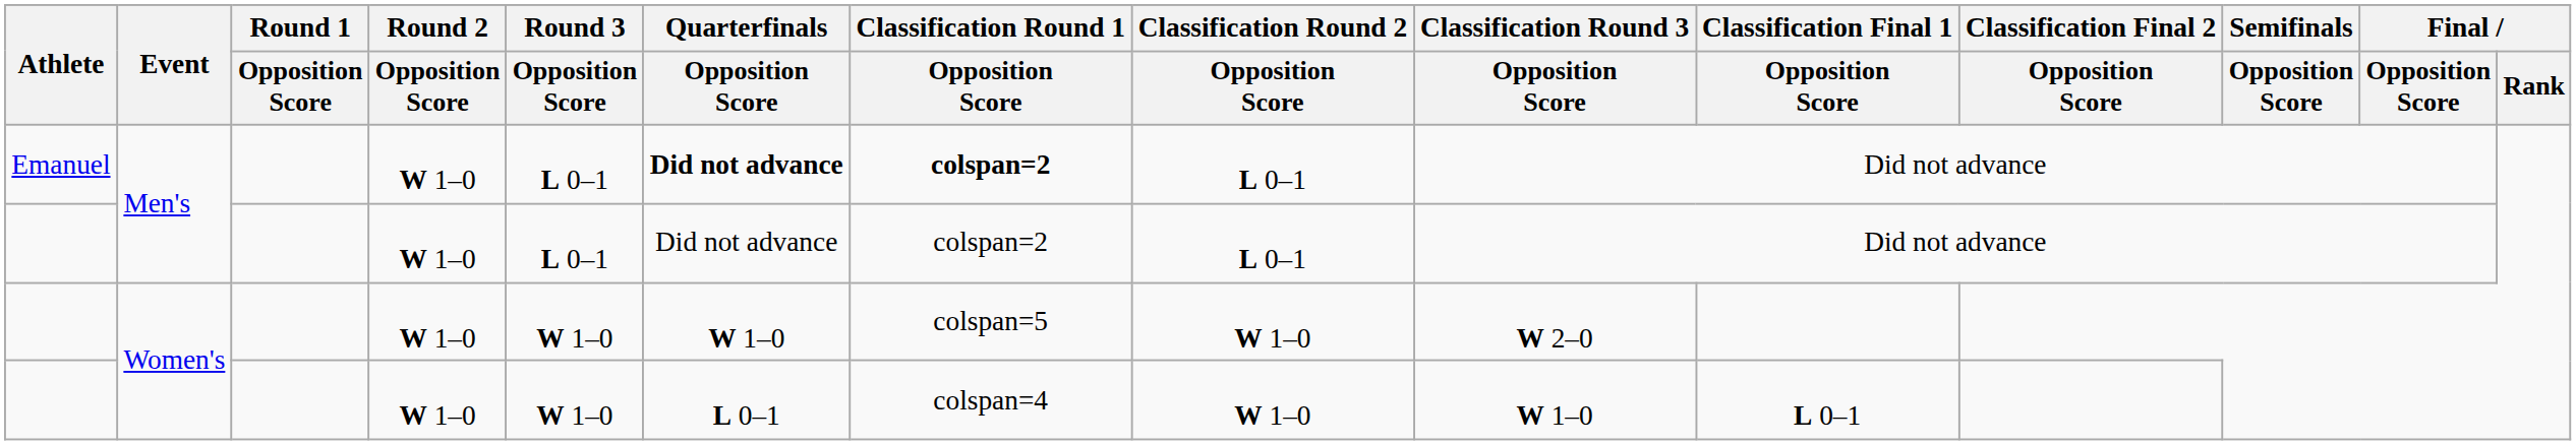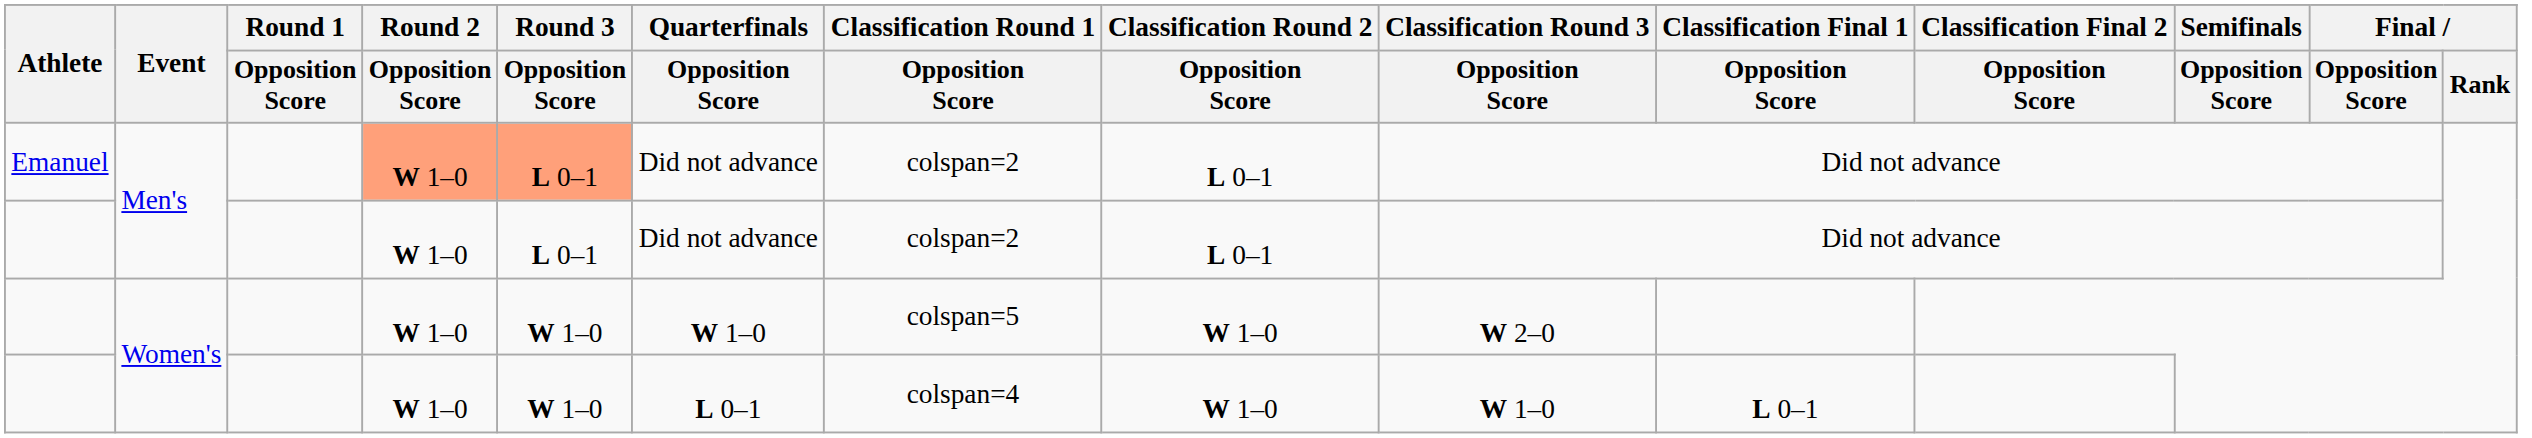 <table class=wikitable style="font-size:90%">
 <tr>
 <th rowspan="2">Athlete</th>
 <th rowspan="2">Event</th>
 <th>Round 1</th>
 <th>Round 2</th>
 <th>Round 3</th>
 <th>Quarterfinals</th>
 <th>Classification Round 1</th>
 <th>Classification Round 2</th>
 <th>Classification Round 3</th>
 <th>Classification Final 1</th>
 <th>Classification Final 2</th>
 <th>Semifinals</th>
 <th colspan=2>Final / </th>
 </tr>
 <tr style="font-size:95%">
 <th>Opposition<br>Score</th>
 <th>Opposition<br>Score</th>
 <th>Opposition<br>Score</th>
 <th>Opposition<br>Score</th>
 <th>Opposition<br>Score</th>
 <th>Opposition<br>Score</th>
 <th>Opposition<br>Score</th>
 <th>Opposition<br>Score</th>
 <th>Opposition<br>Score</th>
 <th>Opposition<br>Score</th>
 <th>Opposition<br>Score</th>
 <th>Rank</th>
 </tr>
 <tr align=center>
 <td align=left><a href='#'>Emanuel</a><br></td>
 <td align=left rowspan=2><a href='#'>Men's</a></td>
 <td></td>
-<td><br><strong>W</strong> 1–0</td>
-<td><br><strong>L</strong> 0–1</td>
-<td><strong>Did not advance</strong></td>
-<td><strong>colspan=2 </strong></td>
+<td style="background: lightsalmon;"><br><strong>W</strong> 1–0</td>
+<td style="background: lightsalmon;"><br><strong>L</strong> 0–1</td>
+<td>Did not advance</td>
+<td>colspan=2 </td>
 <td><br><strong>L</strong> 0–1</td>
 <td colspan=5>Did not advance</td>
 </tr>
 <tr align=center>
 <td align=left><br></td>
 <td></td>
 <td><br><strong>W</strong> 1–0</td>
 <td><br><strong>L</strong> 0–1</td>
 <td>Did not advance</td>
 <td>colspan=2 </td>
 <td><br><strong>L</strong> 0–1</td>
 <td colspan=5>Did not advance</td>
 </tr>
 <tr align=center>
 <td align=left><strong><br></strong></td>
 <td align=left rowspan=2><a href='#'>Women's</a></td>
 <td></td>
 <td><br><strong>W</strong> 1–0</td>
 <td><br><strong>W</strong> 1–0</td>
 <td><br><strong>W</strong> 1–0</td>
 <td>colspan=5 </td>
 <td><br><strong>W</strong> 1–0</td>
 <td><br><strong>W</strong> 2–0</td>
 <td></td>
 </tr>
 <tr align=center>
 <td align=left><strong><br></strong></td>
 <td></td>
 <td><br><strong>W</strong> 1–0</td>
 <td><br><strong>W</strong> 1–0</td>
 <td><br><strong>L</strong> 0–1</td>
 <td>colspan=4 </td>
 <td><br><strong>W</strong> 1–0</td>
 <td><br><strong>W</strong> 1–0</td>
 <td><br><strong>L</strong> 0–1</td>
 <td></td>
 </tr>
 </table>
